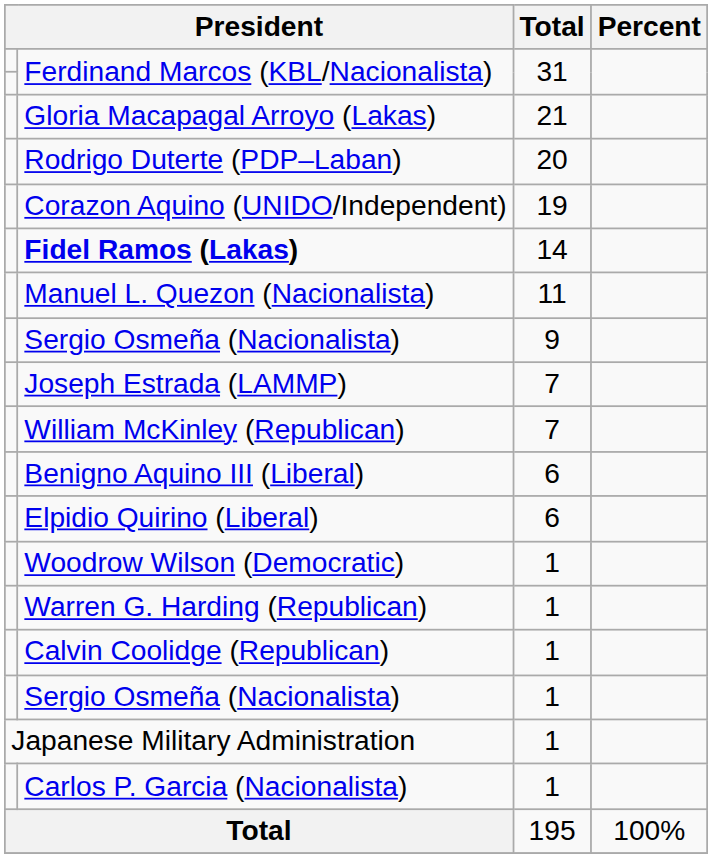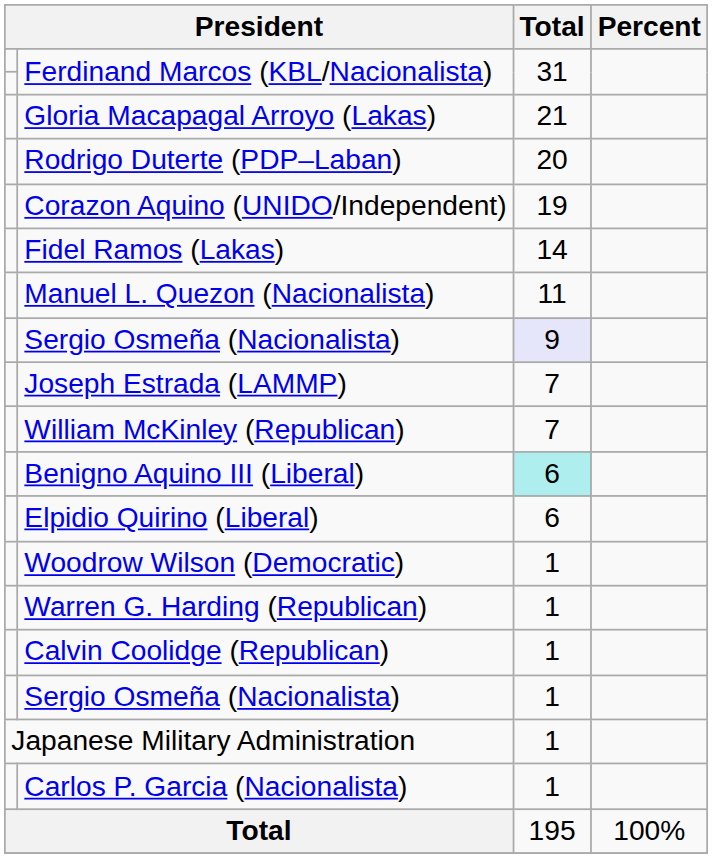 <table class="wikitable style="text-align:center">
 <tr>
 <th colspan=2>President</th>
 <th>Total</th>
 <th>Percent</th>
 </tr>
 <tr>
 <td style="background-color: "></td>
 <td rowspan=2><a href='#'>Ferdinand Marcos</a> (<a href='#'>KBL</a>/<a href='#'>Nacionalista</a>)</td>
 <td rowspan=2 style="text-align:center">31</td>
 <td rowspan=2 style="text-align:center"></td>
 </tr>
 <tr>
 <td style="background-color: "></td>
 </tr>
 <tr>
 <td style="background-color: "></td>
 <td><a href='#'>Gloria Macapagal Arroyo</a> (<a href='#'>Lakas</a>)</td>
 <td style="text-align:center">21</td>
 <td style="text-align:center"></td>
 </tr>
 <tr>
 <td style="background-color: "></td>
 <td><a href='#'>Rodrigo Duterte</a> (<a href='#'>PDP–Laban</a>)</td>
 <td style="text-align:center">20</td>
 <td style="text-align:center"></td>
 </tr>
 <tr>
 <td style="background-color: "></td>
 <td><a href='#'>Corazon Aquino</a> (<a href='#'>UNIDO</a>/Independent)</td>
 <td style="text-align:center">19</td>
 <td style="text-align:center"></td>
 </tr>
 <tr>
 <td style="background-color: "></td>
-<td><strong><a href='#'>Fidel Ramos</a> (<a href='#'>Lakas</a>)</strong></td>
+<td><a href='#'>Fidel Ramos</a> (<a href='#'>Lakas</a>)</td>
 <td style="text-align:center">14</td>
 <td style="text-align:center"></td>
 </tr>
 <tr>
 <td style="background-color: "></td>
 <td><a href='#'>Manuel L. Quezon</a> (<a href='#'>Nacionalista</a>)</td>
 <td style="text-align:center">11</td>
 <td style="text-align:center"></td>
 </tr>
 <tr>
 <td style="background-color: "></td>
 <td><a href='#'>Sergio Osmeña</a> (<a href='#'>Nacionalista</a>)</td>
-<td style="text-align:center">9</td>
+<td style="background: lavender; text-align:center">9</td>
 <td style="text-align:center"></td>
 </tr>
 <tr>
 <td style="background-color: "></td>
 <td><a href='#'>Joseph Estrada</a> (<a href='#'>LAMMP</a>)</td>
 <td style="text-align:center">7</td>
 <td style="text-align:center"></td>
 </tr>
 <tr>
 <td style="background-color: "></td>
 <td><a href='#'>William McKinley</a> (<a href='#'>Republican</a>)</td>
 <td style="text-align:center">7</td>
 <td style="text-align:center"></td>
 </tr>
 <tr>
 <td style="background-color: "></td>
 <td><a href='#'>Benigno Aquino III</a> (<a href='#'>Liberal</a>)</td>
-<td style="text-align:center">6</td>
+<td style="background: paleturquoise; text-align:center">6</td>
 <td style="text-align:center"></td>
 </tr>
 <tr>
 <td style="background-color: "></td>
 <td><a href='#'>Elpidio Quirino</a> (<a href='#'>Liberal</a>)</td>
 <td style="text-align:center">6</td>
 <td style="text-align:center"></td>
 </tr>
 <tr>
 <td style="background-color: "></td>
 <td><a href='#'>Woodrow Wilson</a> (<a href='#'>Democratic</a>)</td>
 <td style="text-align:center">1</td>
 <td style="text-align:center"></td>
 </tr>
 <tr>
 <td style="background-color: "></td>
 <td><a href='#'>Warren G. Harding</a> (<a href='#'>Republican</a>)</td>
 <td style="text-align:center">1</td>
 <td style="text-align:center"></td>
 </tr>
 <tr>
 <td style="background-color: "></td>
 <td><a href='#'>Calvin Coolidge</a> (<a href='#'>Republican</a>)</td>
 <td style="text-align:center">1</td>
 <td style="text-align:center"></td>
 </tr>
 <tr>
 <td style="background-color: "></td>
 <td><a href='#'>Sergio Osmeña</a> (<a href='#'>Nacionalista</a>)</td>
 <td style="text-align:center">1</td>
 <td style="text-align:center"></td>
 </tr>
 <tr>
 <td colspan=2>Japanese Military Administration</td>
 <td style="text-align:center">1</td>
 <td style="text-align:center"></td>
 </tr>
 <tr>
 <td style="background-color: "></td>
 <td><a href='#'>Carlos P. Garcia</a> (<a href='#'>Nacionalista</a>)</td>
 <td style="text-align:center">1</td>
 <td style="text-align:center"></td>
 </tr>
 <tr>
 <th colspan=2 style="text-align:center">Total</th>
 <td style="text-align:center">195</td>
 <td style="text-align:center">100%</td>
 </tr>
 <tr>
 </tr>
 </table>
